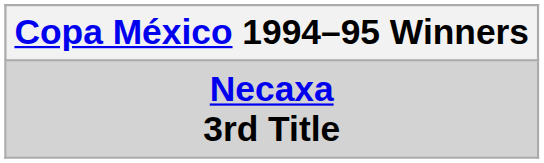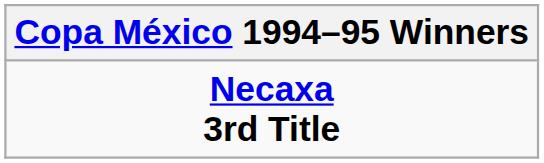 <table class="wikitable" style="text-align: center; margin: 0 auto;">
 <tr>
 <th><a href='#'>Copa México</a> 1994–95 Winners</th>
 </tr>
 <tr>
-<td style="background: lightgrey;"><strong><a href='#'>Necaxa</a></strong><br><strong>3rd Title</strong></td>
+<td><strong><a href='#'>Necaxa</a></strong><br><strong>3rd Title</strong></td>
 </tr>
 </table>
